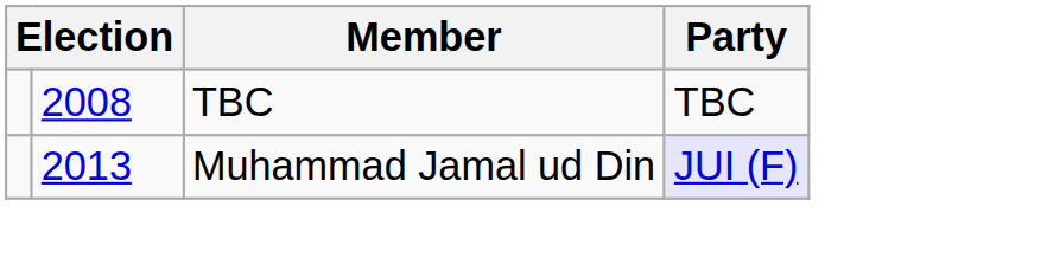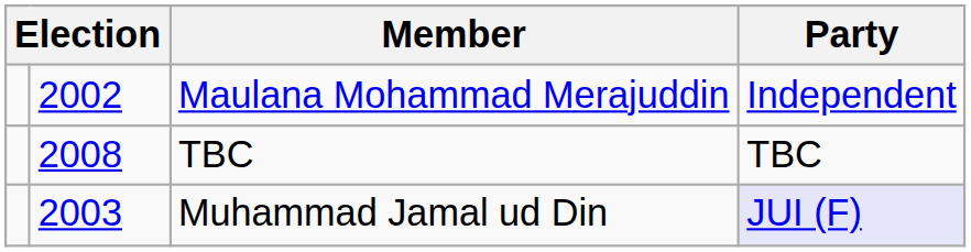 <table class="wikitable">
 <tr>
 <th colspan="2">Election</th>
 <th>Member</th>
 <th>Party</th>
+</tr>
+<tr>
+<td style="background-color: "></td>
+<td><a href='#'>2002</a></td>
+<td><a href='#'>Maulana Mohammad Merajuddin</a></td>
+<td><a href='#'>Independent</a></td>
 </tr>
 <tr>
 <td style="background-color: "></td>
 <td><a href='#'>2008</a></td>
 <td>TBC</td>
 <td>TBC</td>
 </tr>
 <tr>
 <td style="background-color: "></td>
-<td><a href='#'>2013</a></td>
+<td><a href='#'>2003</a></td>
 <td>Muhammad Jamal ud Din</td>
 <td style="background: lavender;"><a href='#'>JUI (F)</a></td>
 </tr>
 </table>
